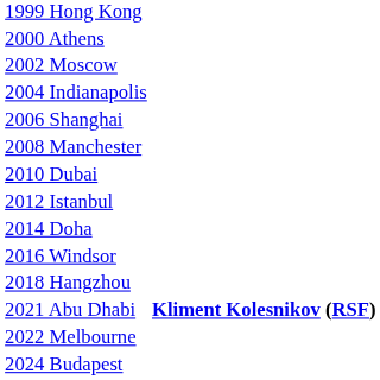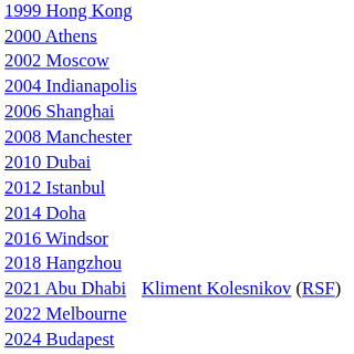 <table>
 <tr>
 <td><a href='#'>1999 Hong Kong</a></td>
 <td></td>
 <td></td>
 <td></td>
 </tr>
 <tr>
 <td><a href='#'>2000 Athens</a></td>
 <td></td>
 <td></td>
 <td></td>
 </tr>
 <tr>
 <td><a href='#'>2002 Moscow</a></td>
 <td></td>
 <td></td>
 <td></td>
 </tr>
 <tr>
 <td><a href='#'>2004 Indianapolis</a></td>
 <td></td>
 <td></td>
 <td></td>
 </tr>
 <tr>
 <td><a href='#'>2006 Shanghai</a></td>
 <td></td>
 <td></td>
 <td></td>
 </tr>
 <tr>
 <td><a href='#'>2008 Manchester</a></td>
 <td></td>
 <td></td>
 <td></td>
 </tr>
 <tr>
 <td><a href='#'>2010 Dubai</a></td>
 <td></td>
 <td></td>
 <td></td>
 </tr>
 <tr>
 <td><a href='#'>2012 Istanbul</a></td>
 <td></td>
 <td></td>
 <td></td>
 </tr>
 <tr>
 <td><a href='#'>2014 Doha</a></td>
 <td></td>
 <td></td>
 <td></td>
 </tr>
 <tr>
 <td><a href='#'>2016 Windsor</a></td>
 <td></td>
 <td></td>
 <td></td>
 </tr>
 <tr>
 <td><a href='#'>2018 Hangzhou</a></td>
 <td></td>
 <td></td>
 <td></td>
 </tr>
 <tr>
 <td><a href='#'>2021 Abu Dhabi</a></td>
-<td><strong><a href='#'>Kliment Kolesnikov</a> (<a href='#'>RSF</a>)</strong></td>
+<td><a href='#'>Kliment Kolesnikov</a> (<a href='#'>RSF</a>)</td>
 <td></td>
 <td></td>
 </tr>
 <tr>
 <td><a href='#'>2022 Melbourne</a></td>
 <td></td>
 <td></td>
 <td></td>
 </tr>
 <tr>
 <td><a href='#'>2024 Budapest</a></td>
 <td></td>
 <td></td>
 <td></td>
 </tr>
 </table>
